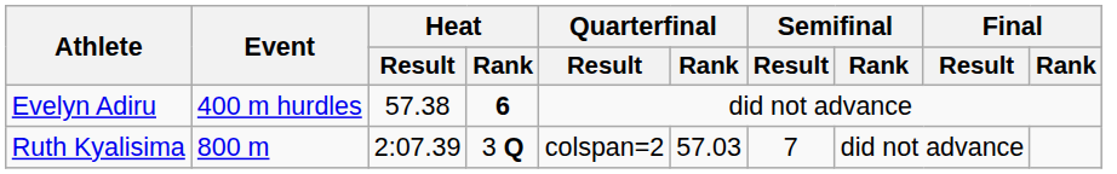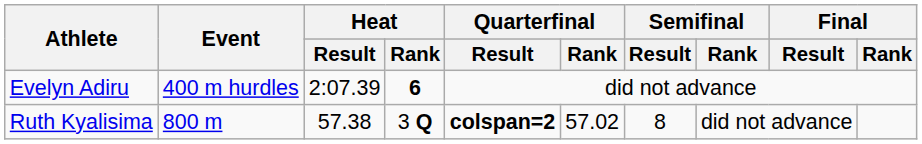 <table class="wikitable" style="font-size:90%">
 <tr>
 <th rowspan="2">Athlete</th>
 <th rowspan="2">Event</th>
 <th colspan="2">Heat</th>
 <th colspan="2">Quarterfinal</th>
 <th colspan="2">Semifinal</th>
 <th colspan="2">Final</th>
 </tr>
 <tr style="font-size:95%">
 <th>Result</th>
 <th>Rank</th>
 <th>Result</th>
 <th>Rank</th>
 <th>Result</th>
 <th>Rank</th>
 <th>Result</th>
 <th>Rank</th>
 </tr>
 <tr align=center>
 <td align=left><a href='#'>Evelyn Adiru</a></td>
 <td align=left><a href='#'>400 m hurdles</a></td>
-<td>57.38</td>
+<td>2:07.39</td>
 <td><strong>6</strong></td>
 <td colspan=6>did not advance</td>
 </tr>
 <tr align=center>
 <td align=left><a href='#'>Ruth Kyalisima</a></td>
 <td align=left><a href='#'>800 m</a></td>
-<td>2:07.39</td>
+<td>57.38</td>
 <td>3 <strong>Q</strong></td>
-<td>colspan=2 </td>
-<td>57.03</td>
-<td>7</td>
+<td><strong>colspan=2 </strong></td>
+<td>57.02</td>
+<td>8</td>
 <td colspan=2>did not advance</td>
 </tr>
 </table>
